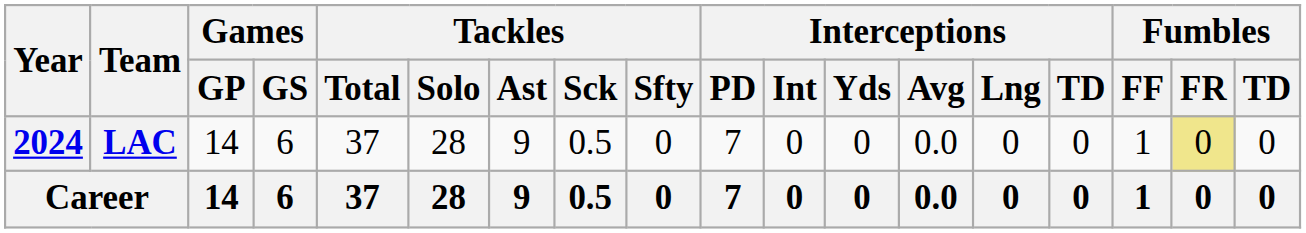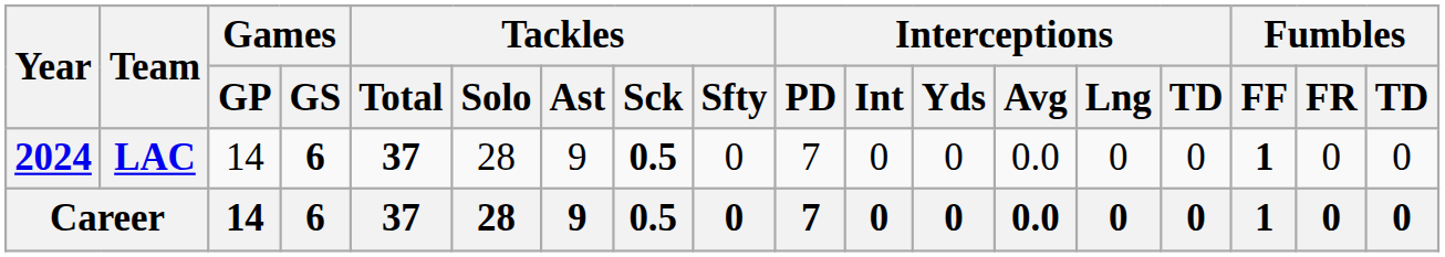 <table class="wikitable" style="text-align:center;">
 <tr>
 <th rowspan="2">Year</th>
 <th rowspan="2">Team</th>
 <th colspan="2">Games</th>
 <th colspan="5">Tackles</th>
 <th colspan="6">Interceptions</th>
 <th colspan="3">Fumbles</th>
 </tr>
 <tr>
 <th>GP</th>
 <th>GS</th>
 <th>Total</th>
 <th>Solo</th>
 <th>Ast</th>
 <th>Sck</th>
 <th>Sfty</th>
 <th>PD</th>
 <th>Int</th>
 <th>Yds</th>
 <th>Avg</th>
 <th>Lng</th>
 <th>TD</th>
 <th>FF</th>
 <th>FR</th>
 <th>TD</th>
 </tr>
 <tr>
 <th><a href='#'>2024</a></th>
 <th><a href='#'>LAC</a></th>
 <td>14</td>
-<td>6</td>
-<td>37</td>
+<td><strong>6</strong></td>
+<td><strong>37</strong></td>
 <td>28</td>
 <td>9</td>
-<td>0.5</td>
+<td><strong>0.5</strong></td>
 <td>0</td>
 <td>7</td>
 <td>0</td>
 <td>0</td>
 <td>0.0</td>
 <td>0</td>
 <td>0</td>
-<td>1</td>
-<td style="background: khaki;">0</td>
+<td><strong>1</strong></td>
+<td>0</td>
 <td>0</td>
 </tr>
 <tr>
 <th colspan="2">Career</th>
 <th>14</th>
 <th>6</th>
 <th>37</th>
 <th>28</th>
 <th>9</th>
 <th>0.5</th>
 <th>0</th>
 <th>7</th>
 <th>0</th>
 <th>0</th>
 <th>0.0</th>
 <th>0</th>
 <th>0</th>
 <th>1</th>
 <th>0</th>
 <th>0</th>
 </tr>
 </table>
